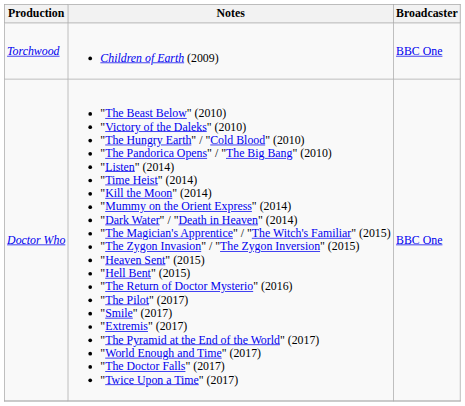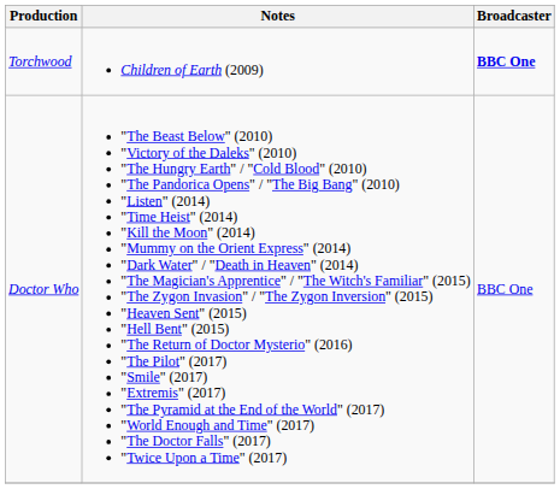 <table class="wikitable">
 <tr style="background:#ccc; text-align:center;">
 <th>Production</th>
 <th>Notes</th>
 <th>Broadcaster</th>
 </tr>
 <tr>
 <td><em><a href='#'>Torchwood</a></em></td>
 <td><br><ul><li><em><a href='#'>Children of Earth</a></em> (2009)</li></ul></td>
-<td><a href='#'>BBC One</a></td>
+<td><strong><a href='#'>BBC One</a></strong></td>
 </tr>
 <tr>
 <td><em><a href='#'>Doctor Who</a></em></td>
 <td><br><ul><li>"<a href='#'>The Beast Below</a>" (2010)</li><li>"<a href='#'>Victory of the Daleks</a>" (2010)</li><li>"<a href='#'>The Hungry Earth</a>" / "<a href='#'>Cold Blood</a>" (2010)</li><li>"<a href='#'>The Pandorica Opens</a>" / "<a href='#'>The Big Bang</a>" (2010)</li><li>"<a href='#'>Listen</a>" (2014)</li><li>"<a href='#'>Time Heist</a>" (2014)</li><li>"<a href='#'>Kill the Moon</a>" (2014)</li><li>"<a href='#'>Mummy on the Orient Express</a>" (2014)</li><li>"<a href='#'>Dark Water</a>" / "<a href='#'>Death in Heaven</a>" (2014)</li><li>"<a href='#'>The Magician's Apprentice</a>" / "<a href='#'>The Witch's Familiar</a>" (2015)</li><li>"<a href='#'>The Zygon Invasion</a>" / "<a href='#'>The Zygon Inversion</a>" (2015)</li><li>"<a href='#'>Heaven Sent</a>" (2015)</li><li>"<a href='#'>Hell Bent</a>" (2015)</li><li>"<a href='#'>The Return of Doctor Mysterio</a>" (2016)</li><li>"<a href='#'>The Pilot</a>" (2017)</li><li>"<a href='#'>Smile</a>" (2017)</li><li>"<a href='#'>Extremis</a>" (2017)</li><li>"<a href='#'>The Pyramid at the End of the World</a>" (2017)</li><li>"<a href='#'>World Enough and Time</a>" (2017)</li><li>"<a href='#'>The Doctor Falls</a>" (2017)</li><li>"<a href='#'>Twice Upon a Time</a>" (2017)</li></ul></td>
 <td><a href='#'>BBC One</a></td>
 </tr>
 <tr>
 </tr>
 </table>
